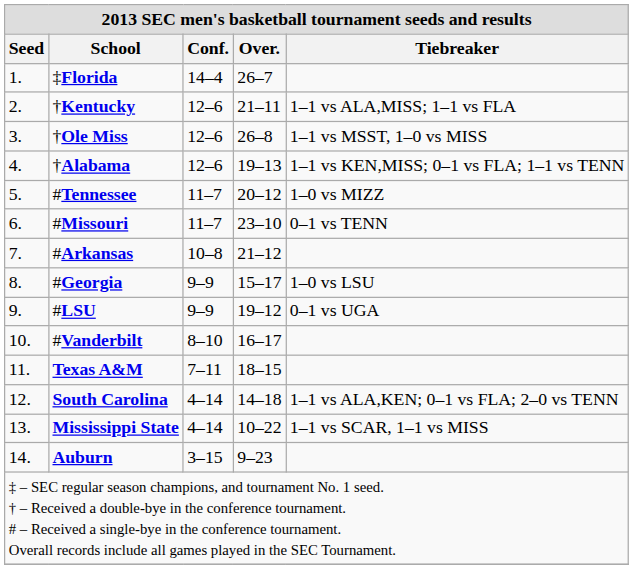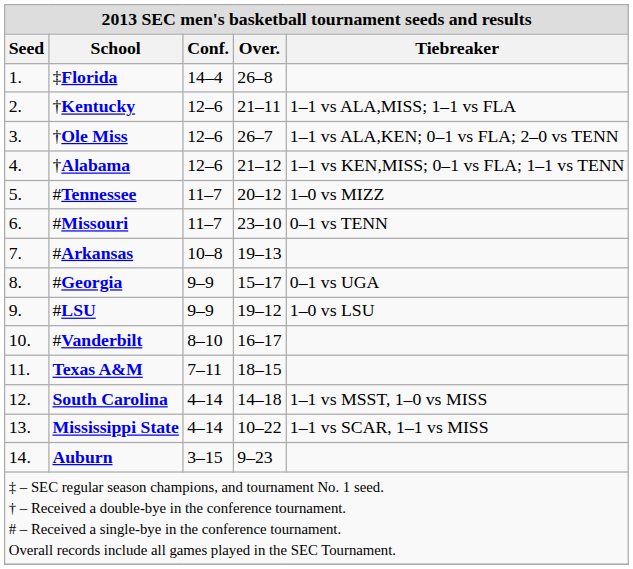 <table class="wikitable" style="white-space:nowrap; font-size:90%;">
 <tr>
 <td colspan="10" style="text-align:center; background:#DDDDDD; font:#000000"><strong>2013 SEC men's basketball tournament seeds and results</strong></td>
 </tr>
 <tr bgcolor="#efefef">
 <th>Seed</th>
 <th>School</th>
 <th>Conf.</th>
 <th>Over.</th>
 <th>Tiebreaker</th>
 </tr>
 <tr>
 <td>1.</td>
 <td>‡<strong><a href='#'>Florida</a></strong></td>
 <td>14–4</td>
-<td>26–7</td>
+<td>26–8</td>
 <td></td>
 </tr>
 <tr>
 <td>2.</td>
 <td>†<strong><a href='#'>Kentucky</a></strong></td>
 <td>12–6</td>
 <td>21–11</td>
 <td>1–1 vs ALA,MISS; 1–1 vs FLA</td>
 </tr>
 <tr>
 <td>3.</td>
 <td>†<strong><a href='#'>Ole Miss</a></strong></td>
 <td>12–6</td>
-<td>26–8</td>
-<td>1–1 vs MSST, 1–0 vs MISS</td>
+<td>26–7</td>
+<td>1–1 vs ALA,KEN; 0–1 vs FLA; 2–0 vs TENN</td>
 </tr>
 <tr>
 <td>4.</td>
 <td>†<strong><a href='#'>Alabama</a></strong></td>
 <td>12–6</td>
-<td>19–13</td>
+<td>21–12</td>
 <td>1–1 vs KEN,MISS; 0–1 vs FLA; 1–1 vs TENN</td>
 </tr>
 <tr>
 <td>5.</td>
 <td>#<strong><a href='#'>Tennessee</a></strong></td>
 <td>11–7</td>
 <td>20–12</td>
 <td>1–0 vs MIZZ</td>
 </tr>
 <tr>
 <td>6.</td>
 <td>#<strong><a href='#'>Missouri</a></strong></td>
 <td>11–7</td>
 <td>23–10</td>
 <td>0–1 vs TENN</td>
 </tr>
 <tr>
 <td>7.</td>
 <td>#<strong><a href='#'>Arkansas</a></strong></td>
 <td>10–8</td>
-<td>21–12</td>
+<td>19–13</td>
 <td></td>
 </tr>
 <tr>
 <td>8.</td>
 <td>#<strong><a href='#'>Georgia</a></strong></td>
 <td>9–9</td>
 <td>15–17</td>
-<td>1–0 vs LSU</td>
+<td>0–1 vs UGA</td>
 </tr>
 <tr>
 <td>9.</td>
 <td>#<strong><a href='#'>LSU</a></strong></td>
 <td>9–9</td>
 <td>19–12</td>
-<td>0–1 vs UGA</td>
+<td>1–0 vs LSU</td>
 </tr>
 <tr>
 <td>10.</td>
 <td>#<strong><a href='#'>Vanderbilt</a></strong></td>
 <td>8–10</td>
 <td>16–17</td>
 <td></td>
 </tr>
 <tr>
 <td>11.</td>
 <td><strong><a href='#'>Texas A&M</a></strong></td>
 <td>7–11</td>
 <td>18–15</td>
 <td></td>
 </tr>
 <tr>
 <td>12.</td>
 <td><strong><a href='#'>South Carolina</a></strong></td>
 <td>4–14</td>
 <td>14–18</td>
-<td>1–1 vs ALA,KEN; 0–1 vs FLA; 2–0 vs TENN</td>
+<td>1–1 vs MSST, 1–0 vs MISS</td>
 </tr>
 <tr>
 <td>13.</td>
 <td><strong><a href='#'>Mississippi State</a></strong></td>
 <td>4–14</td>
 <td>10–22</td>
 <td>1–1 vs SCAR, 1–1 vs MISS</td>
 </tr>
 <tr>
 <td>14.</td>
 <td><strong><a href='#'>Auburn</a></strong></td>
 <td>3–15</td>
 <td>9–23</td>
 <td></td>
 </tr>
 <tr>
 <td colspan="10" style="text-align:left;"><small>‡ – SEC regular season champions, and tournament No. 1 seed.<br>† – Received a double-bye in the conference tournament.<br># – Received a single-bye in the conference tournament.<br>Overall records include all games played in the SEC Tournament.</small></td>
 </tr>
 <tr>
 </tr>
 </table>
